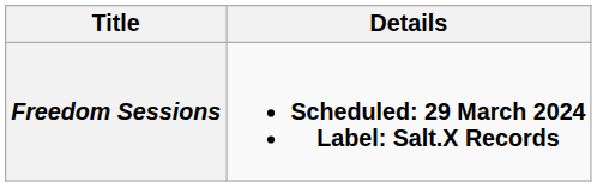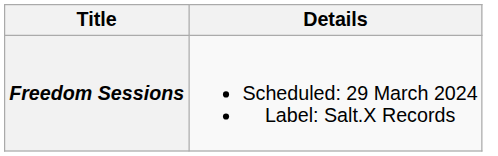 <table class="wikitable plainrowheaders" style="text-align:center;" border="1">
 <tr>
 <th>Title</th>
 <th>Details</th>
 </tr>
 <tr>
 <th scope="row"><em>Freedom Sessions</em></th>
-<td><strong><br><ul><li>Scheduled: 29 March 2024</li><li>Label: Salt.X Records</li></ul></strong></td>
+<td><br><ul><li>Scheduled: 29 March 2024</li><li>Label: Salt.X Records</li></ul></td>
 </tr>
 </table>
